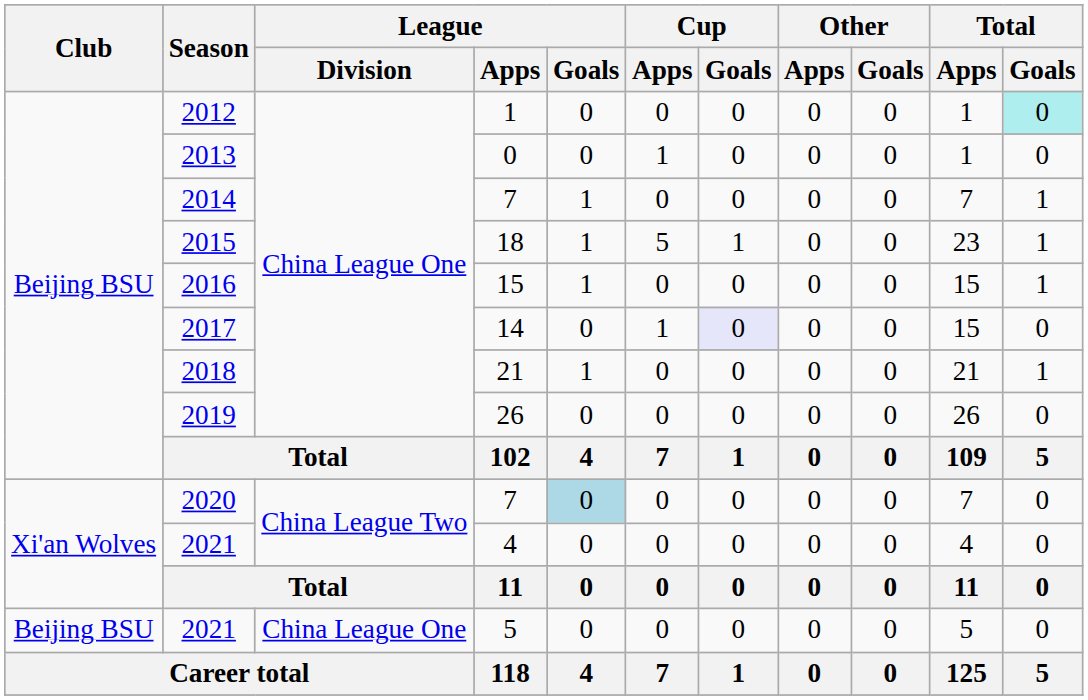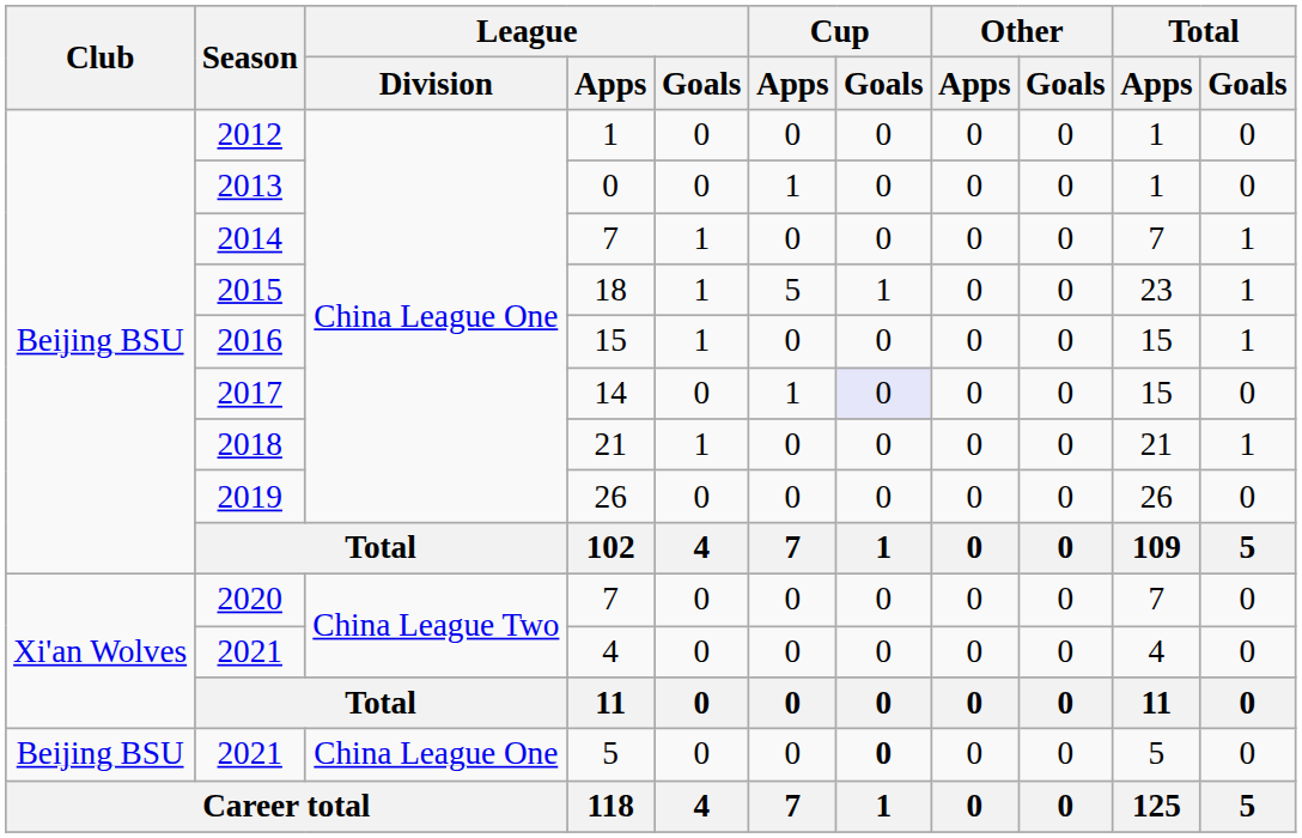 <table class="wikitable" style="text-align: center">
 <tr>
 <th rowspan="2">Club</th>
 <th rowspan="2">Season</th>
 <th colspan="3">League</th>
 <th colspan="2">Cup</th>
 <th colspan="2">Other</th>
 <th colspan="2">Total</th>
 </tr>
 <tr>
 <th>Division</th>
 <th>Apps</th>
 <th>Goals</th>
 <th>Apps</th>
 <th>Goals</th>
 <th>Apps</th>
 <th>Goals</th>
 <th>Apps</th>
 <th>Goals</th>
 </tr>
 <tr>
 <td rowspan="9"><a href='#'>Beijing BSU</a></td>
 <td><a href='#'>2012</a></td>
 <td rowspan="8"><a href='#'>China League One</a></td>
 <td>1</td>
 <td>0</td>
 <td>0</td>
 <td>0</td>
 <td>0</td>
 <td>0</td>
 <td>1</td>
-<td style="background: paleturquoise;">0</td>
+<td>0</td>
 </tr>
 <tr>
 <td><a href='#'>2013</a></td>
 <td>0</td>
 <td>0</td>
 <td>1</td>
 <td>0</td>
 <td>0</td>
 <td>0</td>
 <td>1</td>
 <td>0</td>
 </tr>
 <tr>
 <td><a href='#'>2014</a></td>
 <td>7</td>
 <td>1</td>
 <td>0</td>
 <td>0</td>
 <td>0</td>
 <td>0</td>
 <td>7</td>
 <td>1</td>
 </tr>
 <tr>
 <td><a href='#'>2015</a></td>
 <td>18</td>
 <td>1</td>
 <td>5</td>
 <td>1</td>
 <td>0</td>
 <td>0</td>
 <td>23</td>
 <td>1</td>
 </tr>
 <tr>
 <td><a href='#'>2016</a></td>
 <td>15</td>
 <td>1</td>
 <td>0</td>
 <td>0</td>
 <td>0</td>
 <td>0</td>
 <td>15</td>
 <td>1</td>
 </tr>
 <tr>
 <td><a href='#'>2017</a></td>
 <td>14</td>
 <td>0</td>
 <td>1</td>
 <td style="background: lavender;">0</td>
 <td>0</td>
 <td>0</td>
 <td>15</td>
 <td>0</td>
 </tr>
 <tr>
 <td><a href='#'>2018</a></td>
 <td>21</td>
 <td>1</td>
 <td>0</td>
 <td>0</td>
 <td>0</td>
 <td>0</td>
 <td>21</td>
 <td>1</td>
 </tr>
 <tr>
 <td><a href='#'>2019</a></td>
 <td>26</td>
 <td>0</td>
 <td>0</td>
 <td>0</td>
 <td>0</td>
 <td>0</td>
 <td>26</td>
 <td>0</td>
 </tr>
 <tr>
 <th colspan=2>Total</th>
 <th>102</th>
 <th>4</th>
 <th>7</th>
 <th>1</th>
 <th>0</th>
 <th>0</th>
 <th>109</th>
 <th>5</th>
 </tr>
 <tr>
 <td rowspan="3"><a href='#'>Xi'an Wolves</a></td>
 <td><a href='#'>2020</a></td>
 <td rowspan="2"><a href='#'>China League Two</a></td>
 <td>7</td>
-<td style="background: lightblue;">0</td>
+<td>0</td>
 <td>0</td>
 <td>0</td>
 <td>0</td>
 <td>0</td>
 <td>7</td>
 <td>0</td>
 </tr>
 <tr>
 <td><a href='#'>2021</a></td>
 <td>4</td>
 <td>0</td>
 <td>0</td>
 <td>0</td>
 <td>0</td>
 <td>0</td>
 <td>4</td>
 <td>0</td>
 </tr>
 <tr>
 <th colspan=2>Total</th>
 <th>11</th>
 <th>0</th>
 <th>0</th>
 <th>0</th>
 <th>0</th>
 <th>0</th>
 <th>11</th>
 <th>0</th>
 </tr>
 <tr>
 <td><a href='#'>Beijing BSU</a></td>
 <td><a href='#'>2021</a></td>
 <td><a href='#'>China League One</a></td>
 <td>5</td>
 <td>0</td>
 <td>0</td>
-<td>0</td>
+<td><strong>0</strong></td>
 <td>0</td>
 <td>0</td>
 <td>5</td>
 <td>0</td>
 </tr>
 <tr>
 <th colspan=3>Career total</th>
 <th>118</th>
 <th>4</th>
 <th>7</th>
 <th>1</th>
 <th>0</th>
 <th>0</th>
 <th>125</th>
 <th>5</th>
 </tr>
 </table>
